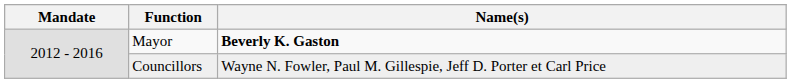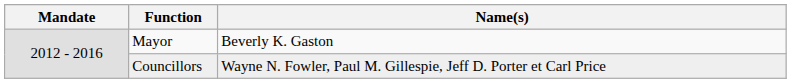 <table class="wikitable centre">
 <tr style="font-size: 80%; text-align: left; background-color:silver">
 <th style="color: Black; text-align: center" width="100px">Mandate</th>
 <th style="color: Black" width="70px">Function</th>
 <th style="color: Black" width="480px">Name(s)</th>
 </tr>
 <tr style="font-size: 80%; text-align: left;">
 <td rowspan="2" style="text-align: center; background-color:#E0E0E0; color:Black;">2012 - 2016</td>
 <td>Mayor</td>
-<td><strong>Beverly K. Gaston</strong></td>
+<td>Beverly K. Gaston</td>
 </tr>
 <tr style="font-size: 80%; text-align: left; background-color:#EFEFEF">
 <td>Councillors</td>
 <td>Wayne N. Fowler, Paul M. Gillespie, Jeff D. Porter et Carl Price</td>
 </tr>
 </table>
